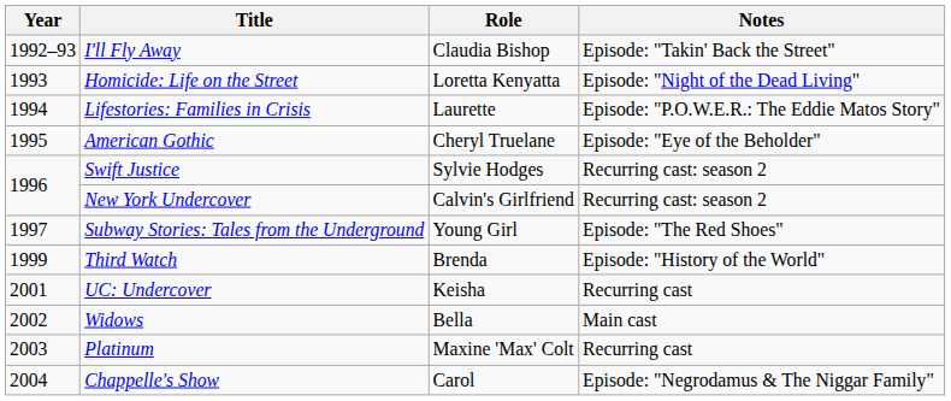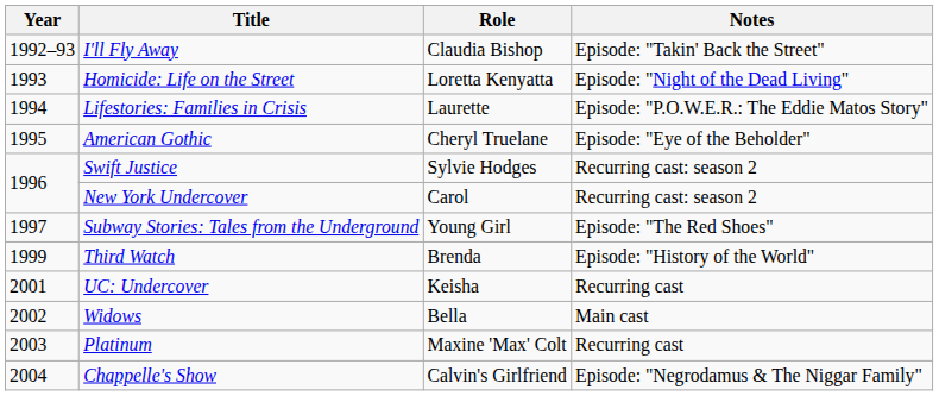 <table class="wikitable sortable">
 <tr>
 <th>Year</th>
 <th>Title</th>
 <th>Role</th>
 <th class="unsortable">Notes</th>
 </tr>
 <tr>
 <td>1992–93</td>
 <td><em><a href='#'>I'll Fly Away</a></em></td>
 <td>Claudia Bishop</td>
 <td>Episode: "Takin' Back the Street"</td>
 </tr>
 <tr>
 <td>1993</td>
 <td><em><a href='#'>Homicide: Life on the Street</a></em></td>
 <td>Loretta Kenyatta</td>
 <td>Episode: "<a href='#'>Night of the Dead Living</a>"</td>
 </tr>
 <tr>
 <td>1994</td>
 <td><em><a href='#'>Lifestories: Families in Crisis</a></em></td>
 <td>Laurette</td>
 <td>Episode: "P.O.W.E.R.: The Eddie Matos Story"</td>
 </tr>
 <tr>
 <td>1995</td>
 <td><em><a href='#'>American Gothic</a></em></td>
 <td>Cheryl Truelane</td>
 <td>Episode: "Eye of the Beholder"</td>
 </tr>
 <tr>
 <td rowspan="2">1996</td>
 <td><em><a href='#'>Swift Justice</a></em></td>
 <td>Sylvie Hodges</td>
 <td>Recurring cast: season 2</td>
 </tr>
 <tr>
 <td><em><a href='#'>New York Undercover</a></em></td>
-<td>Calvin's Girlfriend</td>
+<td>Carol</td>
 <td>Recurring cast: season 2</td>
 </tr>
 <tr>
 <td>1997</td>
 <td><em><a href='#'>Subway Stories: Tales from the Underground</a></em></td>
 <td>Young Girl</td>
 <td>Episode: "The Red Shoes"</td>
 </tr>
 <tr>
 <td>1999</td>
 <td><em><a href='#'>Third Watch</a></em></td>
 <td>Brenda</td>
 <td>Episode: "History of the World"</td>
 </tr>
 <tr>
 <td>2001</td>
 <td><em><a href='#'>UC: Undercover</a></em></td>
 <td>Keisha</td>
 <td>Recurring cast</td>
 </tr>
 <tr>
 <td>2002</td>
 <td><em><a href='#'>Widows</a></em></td>
 <td>Bella</td>
 <td>Main cast</td>
 </tr>
 <tr>
 <td>2003</td>
 <td><em><a href='#'>Platinum</a></em></td>
 <td>Maxine 'Max' Colt</td>
 <td>Recurring cast</td>
 </tr>
 <tr>
 <td>2004</td>
 <td><em><a href='#'>Chappelle's Show</a></em></td>
-<td>Carol</td>
+<td>Calvin's Girlfriend</td>
 <td>Episode: "Negrodamus & The Niggar Family"</td>
 </tr>
 </table>
